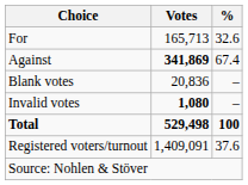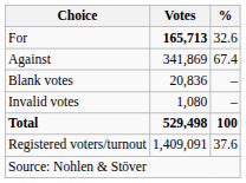 <table class=wikitable style=text-align:right>
 <tr>
 <th>Choice</th>
 <th>Votes</th>
 <th>%</th>
 </tr>
 <tr>
 <td align=left>For</td>
-<td>165,713</td>
+<td><strong>165,713</strong></td>
 <td>32.6</td>
 </tr>
 <tr>
 <td align=left>Against</td>
-<td><strong>341,869</strong></td>
+<td>341,869</td>
 <td>67.4</td>
 </tr>
 <tr>
 <td align=left>Blank votes</td>
 <td>20,836</td>
 <td>–</td>
 </tr>
 <tr>
 <td align=left>Invalid votes</td>
-<td><strong>1,080</strong></td>
+<td>1,080</td>
 <td>–</td>
 </tr>
 <tr>
 <td align=left><strong>Total</strong></td>
 <td><strong>529,498</strong></td>
 <td><strong>100</strong></td>
 </tr>
 <tr>
 <td align=left>Registered voters/turnout</td>
 <td>1,409,091</td>
 <td>37.6</td>
 </tr>
 <tr>
 <td align=left colspan=6>Source: Nohlen & Stöver</td>
 </tr>
 </table>
